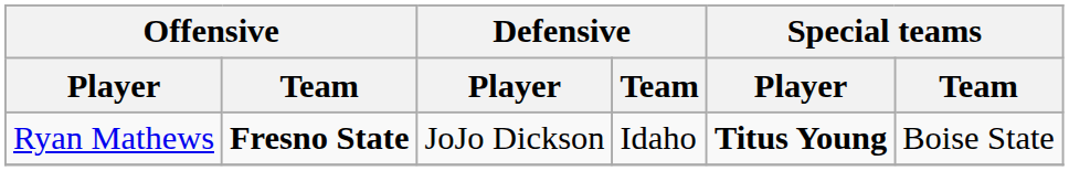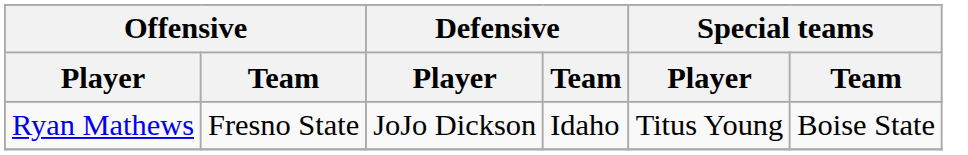 <table class="wikitable" border="1">
 <tr>
 <th colspan="2">Offensive</th>
 <th colspan="2">Defensive</th>
 <th colspan="2">Special teams</th>
 </tr>
 <tr>
 <th>Player</th>
 <th>Team</th>
 <th>Player</th>
 <th>Team</th>
 <th>Player</th>
 <th>Team</th>
 </tr>
 <tr>
 <td><a href='#'>Ryan Mathews</a></td>
-<td><strong>Fresno State</strong></td>
+<td>Fresno State</td>
 <td>JoJo Dickson</td>
 <td>Idaho</td>
-<td><strong>Titus Young</strong></td>
+<td>Titus Young</td>
 <td>Boise State</td>
 </tr>
 <tr>
 </tr>
 </table>
